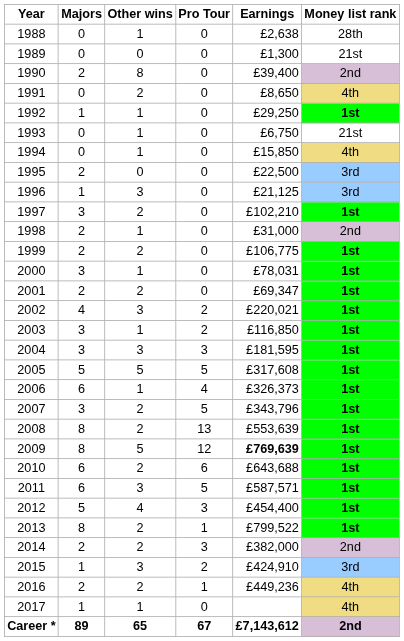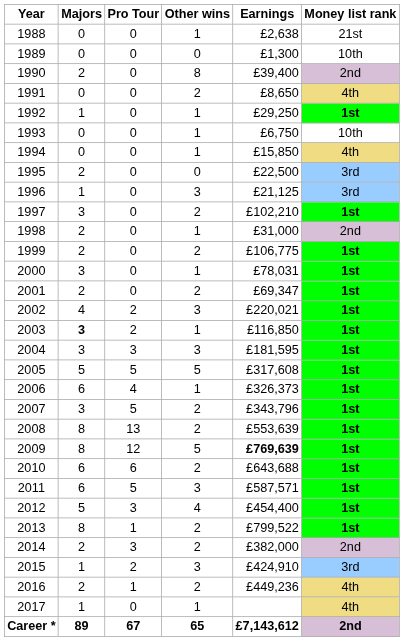 <table cellpadding=3 cellspacing=0 border=1 style=text-align:center;border:#aaa;solid:1;border-collapse:collapse;text-align:center>
 <tr>
 <th>Year</th>
 <th>Majors</th>
+<th>Pro Tour</th>
 <th>Other wins</th>
-<th>Pro Tour</th>
 <th>Earnings</th>
 <th>Money list rank</th>
 </tr>
 <tr>
 <td>1988</td>
 <td>0</td>
+<td>0</td>
 <td>1</td>
-<td>0</td>
 <td align=right>£2,638</td>
-<td>28th</td>
+<td>21st</td>
 </tr>
 <tr>
 <td>1989</td>
 <td>0</td>
 <td>0</td>
 <td>0</td>
 <td align=right>£1,300</td>
-<td>21st</td>
+<td>10th</td>
 </tr>
 <tr>
 <td>1990</td>
 <td>2</td>
+<td>0</td>
 <td>8</td>
-<td>0</td>
 <td align=right>£39,400</td>
 <td style="background:thistle;">2nd</td>
 </tr>
 <tr>
 <td>1991</td>
 <td>0</td>
+<td>0</td>
 <td>2</td>
-<td>0</td>
 <td align=right>£8,650</td>
 <td bgcolor=f0dc82>4th</td>
 </tr>
 <tr>
 <td>1992</td>
 <td>1</td>
+<td>0</td>
 <td>1</td>
-<td>0</td>
 <td align=right>£29,250</td>
 <th bgcolor=lime>1st</th>
 </tr>
 <tr>
 <td>1993</td>
 <td>0</td>
+<td>0</td>
 <td>1</td>
-<td>0</td>
 <td align=right>£6,750</td>
-<td>21st</td>
+<td>10th</td>
 </tr>
 <tr>
 <td>1994</td>
 <td>0</td>
+<td>0</td>
 <td>1</td>
-<td>0</td>
 <td align=right>£15,850</td>
 <td bgcolor=f0dc82>4th</td>
 </tr>
 <tr>
 <td>1995</td>
 <td>2</td>
 <td>0</td>
 <td>0</td>
 <td align=right>£22,500</td>
 <td style="background:#9cf;">3rd</td>
 </tr>
 <tr>
 <td>1996</td>
 <td>1</td>
+<td>0</td>
 <td>3</td>
-<td>0</td>
 <td align=right>£21,125</td>
 <td style="background:#9cf;">3rd</td>
 </tr>
 <tr>
 <td>1997</td>
 <td>3</td>
+<td>0</td>
 <td>2</td>
-<td>0</td>
 <td align=right>£102,210</td>
 <th bgcolor=lime>1st</th>
 </tr>
 <tr>
 <td>1998</td>
 <td>2</td>
+<td>0</td>
 <td>1</td>
-<td>0</td>
 <td align=right>£31,000</td>
 <td style="background:thistle;">2nd</td>
 </tr>
 <tr>
 <td>1999</td>
 <td>2</td>
+<td>0</td>
 <td>2</td>
-<td>0</td>
 <td align=right>£106,775</td>
 <th bgcolor=lime>1st</th>
 </tr>
 <tr>
 <td>2000</td>
 <td>3</td>
+<td>0</td>
 <td>1</td>
-<td>0</td>
 <td align=right>£78,031</td>
 <th bgcolor=lime>1st</th>
 </tr>
 <tr>
 <td>2001</td>
 <td>2</td>
+<td>0</td>
 <td>2</td>
-<td>0</td>
 <td align=right>£69,347</td>
 <th bgcolor=lime>1st</th>
 </tr>
 <tr>
 <td>2002</td>
 <td>4</td>
+<td>2</td>
 <td>3</td>
-<td>2</td>
 <td align=right>£220,021</td>
 <th bgcolor=lime>1st</th>
 </tr>
 <tr>
 <td>2003</td>
-<td>3</td>
+<td><strong>3</strong></td>
+<td>2</td>
 <td>1</td>
-<td>2</td>
 <td align=right>£116,850</td>
 <th bgcolor=lime>1st</th>
 </tr>
 <tr>
 <td>2004</td>
 <td>3</td>
 <td>3</td>
 <td>3</td>
 <td align=right>£181,595</td>
 <th bgcolor=lime>1st</th>
 </tr>
 <tr>
 <td>2005</td>
 <td>5</td>
 <td>5</td>
 <td>5</td>
 <td align=right>£317,608</td>
 <th bgcolor=lime>1st</th>
 </tr>
 <tr>
 <td>2006</td>
 <td>6</td>
+<td>4</td>
 <td>1</td>
-<td>4</td>
 <td align=right>£326,373</td>
 <th bgcolor=lime>1st</th>
 </tr>
 <tr>
 <td>2007</td>
 <td>3</td>
+<td>5</td>
 <td>2</td>
-<td>5</td>
 <td align=right>£343,796</td>
 <th bgcolor=lime>1st</th>
 </tr>
 <tr>
 <td>2008</td>
 <td>8</td>
+<td>13</td>
 <td>2</td>
-<td>13</td>
 <td align=right>£553,639</td>
 <th bgcolor=lime>1st</th>
 </tr>
 <tr>
 <td>2009</td>
 <td>8</td>
+<td>12</td>
 <td>5</td>
-<td>12</td>
 <td align=right><strong>£769,639</strong></td>
 <th bgcolor=lime>1st</th>
 </tr>
 <tr>
 <td>2010</td>
 <td>6</td>
+<td>6</td>
 <td>2</td>
-<td>6</td>
 <td align=right>£643,688</td>
 <th bgcolor=lime>1st</th>
 </tr>
 <tr>
 <td>2011</td>
 <td>6</td>
+<td>5</td>
 <td>3</td>
-<td>5</td>
 <td align=right>£587,571</td>
 <th bgcolor=lime>1st</th>
 </tr>
 <tr>
 <td>2012</td>
 <td>5</td>
+<td>3</td>
 <td>4</td>
-<td>3</td>
 <td align=right>£454,400</td>
 <th bgcolor=lime>1st</th>
 </tr>
 <tr>
 <td>2013</td>
 <td>8</td>
+<td>1</td>
 <td>2</td>
-<td>1</td>
 <td align=right>£799,522</td>
 <th bgcolor=lime>1st</th>
 </tr>
 <tr>
 <td>2014</td>
 <td>2</td>
+<td>3</td>
 <td>2</td>
-<td>3</td>
 <td align=right>£382,000</td>
 <td style="background:thistle;">2nd</td>
 </tr>
 <tr>
 <td>2015</td>
 <td>1</td>
+<td>2</td>
 <td>3</td>
-<td>2</td>
 <td align=right>£424,910</td>
 <td style="background:#9cf;">3rd</td>
 </tr>
 <tr>
 <td>2016</td>
 <td>2</td>
+<td>1</td>
 <td>2</td>
-<td>1</td>
 <td align=right>£449,236</td>
 <td bgcolor=f0dc82>4th</td>
 </tr>
 <tr>
 <td>2017</td>
 <td>1</td>
+<td>0</td>
 <td>1</td>
-<td>0</td>
 <td align=right></td>
 <td bgcolor=f0dc82>4th</td>
 </tr>
 <tr>
 <th>Career *</th>
 <th>89</th>
+<th>67</th>
 <th>65</th>
-<th>67</th>
 <th align=right>£7,143,612</th>
 <th bgcolor=thistle>2nd</th>
 </tr>
 </table>
